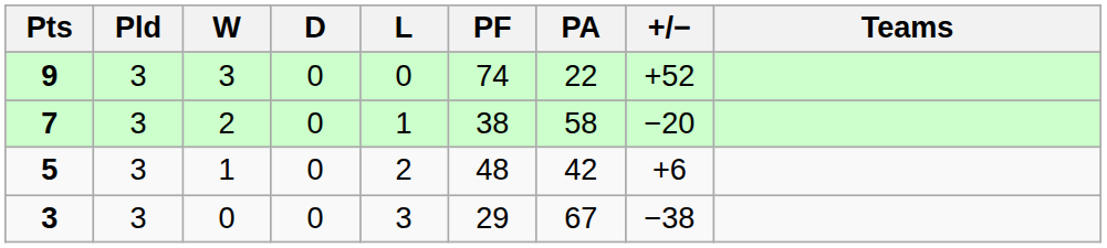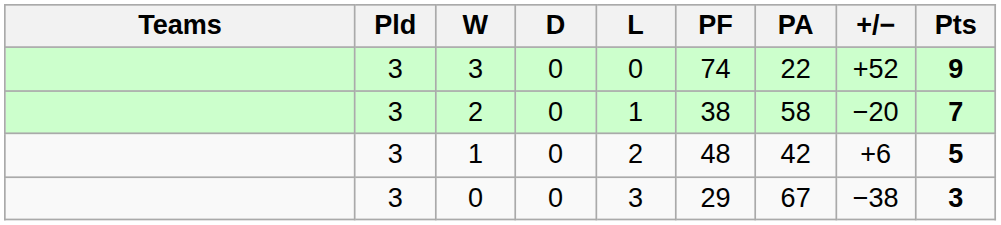 <table class="wikitable" style="text-align: center;">
 <tr>
-<th width="40">Pts</th>
+<th style="width:200px;">Teams</th>
 <th width="40">Pld</th>
 <th width="40">W</th>
 <th width="40">D</th>
 <th width="40">L</th>
 <th width="40">PF</th>
 <th width="40">PA</th>
 <th width="40">+/−</th>
-<th style="width:200px;">Teams</th>
+<th width="40">Pts</th>
 </tr>
 <tr style="background:#cfc;">
-<td><strong>9</strong></td>
+<td align=left></td>
 <td>3</td>
 <td>3</td>
 <td>0</td>
 <td>0</td>
 <td>74</td>
 <td>22</td>
 <td>+52</td>
-<td align=left></td>
+<td><strong>9</strong></td>
 </tr>
 <tr style="background:#cfc;">
-<td><strong>7</strong></td>
+<td align=left></td>
 <td>3</td>
 <td>2</td>
 <td>0</td>
 <td>1</td>
 <td>38</td>
 <td>58</td>
 <td>−20</td>
-<td align=left></td>
+<td><strong>7</strong></td>
 </tr>
 <tr>
-<td><strong>5</strong></td>
+<td align=left></td>
 <td>3</td>
 <td>1</td>
 <td>0</td>
 <td>2</td>
 <td>48</td>
 <td>42</td>
 <td>+6</td>
-<td align=left></td>
+<td><strong>5</strong></td>
 </tr>
 <tr>
-<td><strong>3</strong></td>
+<td align=left></td>
 <td>3</td>
 <td>0</td>
 <td>0</td>
 <td>3</td>
 <td>29</td>
 <td>67</td>
 <td>−38</td>
-<td align=left></td>
+<td><strong>3</strong></td>
 </tr>
 </table>
